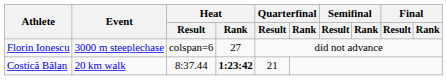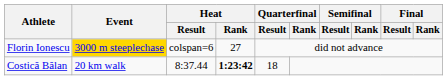 <table class="wikitable" style="font-size:90%">
 <tr>
 <th rowspan="2">Athlete</th>
 <th rowspan="2">Event</th>
 <th colspan="2">Heat</th>
 <th colspan="2">Quarterfinal</th>
 <th colspan="2">Semifinal</th>
 <th colspan="2">Final</th>
 </tr>
 <tr style="font-size:95%">
 <th>Result</th>
 <th>Rank</th>
 <th>Result</th>
 <th>Rank</th>
 <th>Result</th>
 <th>Rank</th>
 <th>Result</th>
 <th>Rank</th>
 </tr>
 <tr align=center>
 <td align=left><a href='#'>Florin Ionescu</a></td>
-<td align=left><a href='#'>3000 m steeplechase</a></td>
+<td align=left style="background: gold;"><a href='#'>3000 m steeplechase</a></td>
 <td>colspan=6 </td>
 <td>27</td>
 <td colspan=6>did not advance</td>
 </tr>
 <tr align=center>
 <td align=left><a href='#'>Costică Bălan</a></td>
 <td align=left><a href='#'>20 km walk</a></td>
 <td>8:37.44</td>
 <td><strong>1:23:42</strong></td>
-<td>21</td>
+<td>18</td>
 </tr>
 </table>
